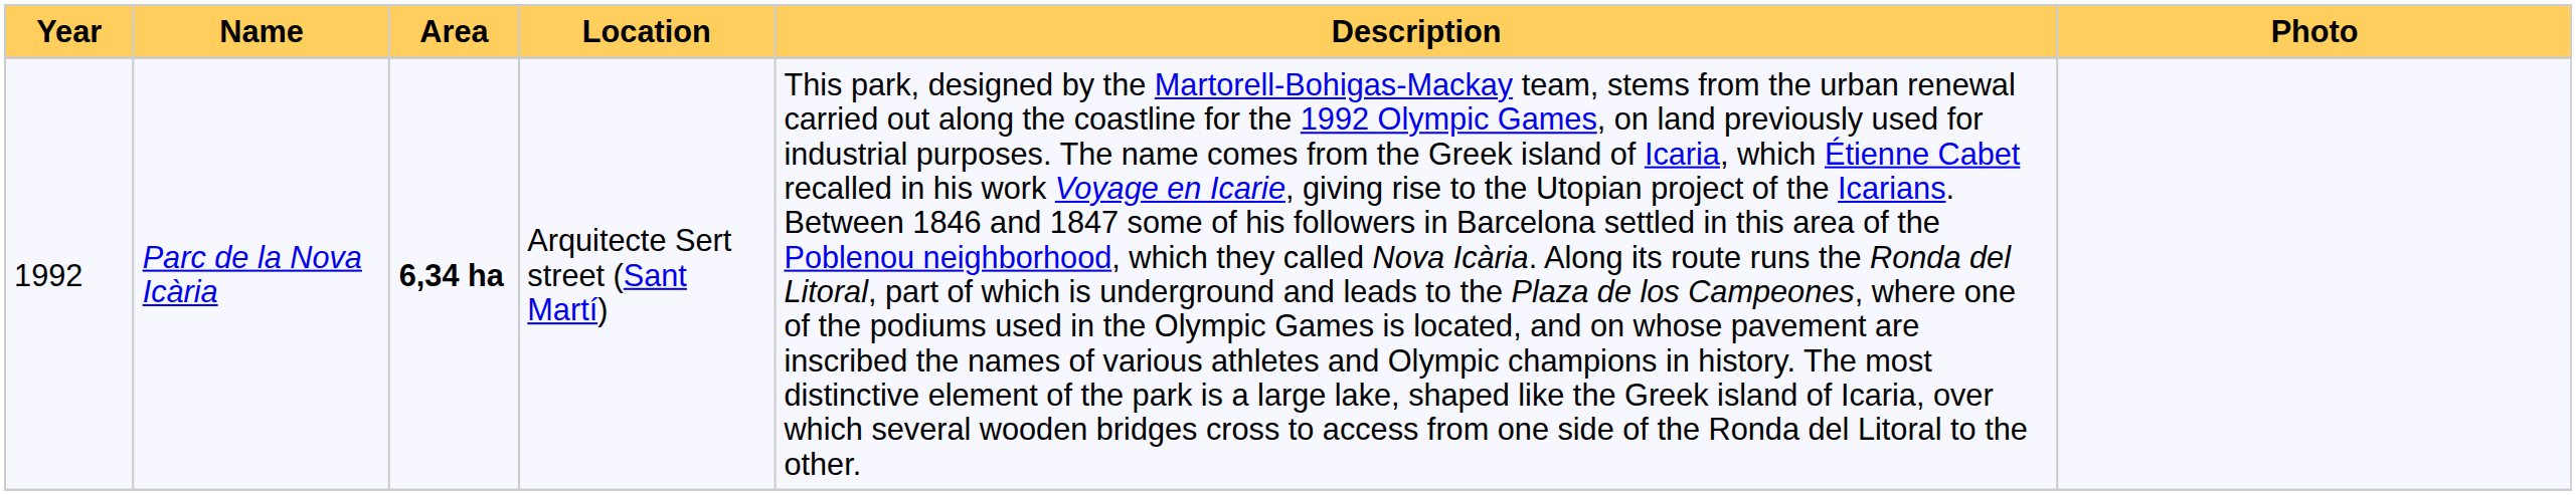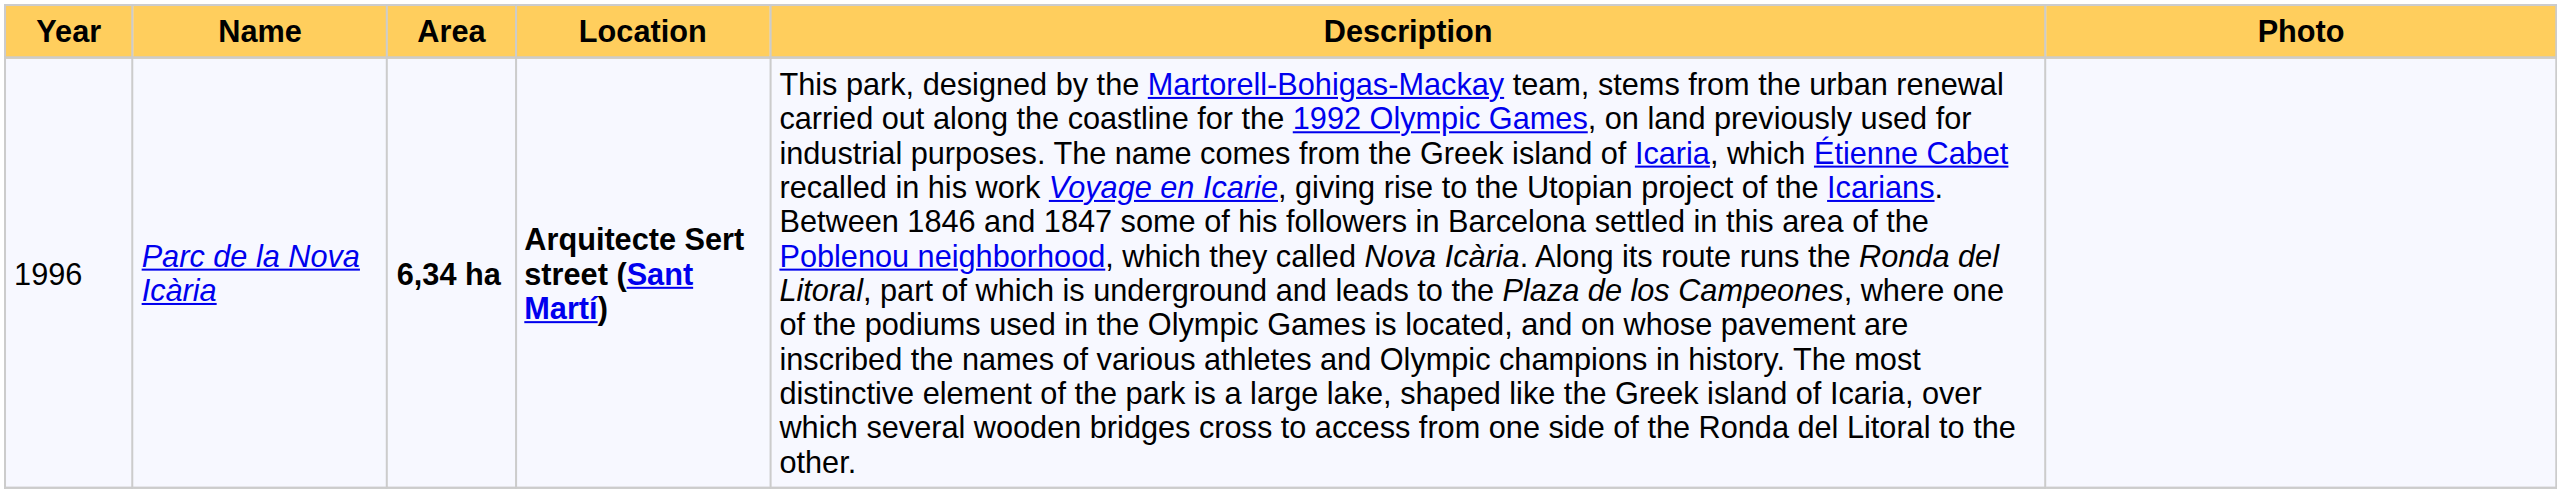 <table bgcolor="#f7f8ff" cellpadding="4" cellspacing="0" border="1" style="font-size: 95%; border: #cccccc solid 1px; border-collapse: collapse;">
 <tr>
 <th width="5%" style="background:#ffce5d;">Year</th>
 <th width="10%" style="background:#ffce5d;">Name</th>
 <th width="5%" style="background:#ffce5d;">Area</th>
 <th width="10%" style="background:#ffce5d;">Location</th>
 <th width="50%" style="background:#ffce5d;">Description</th>
 <th width="20%" style="background:#ffce5d;">Photo</th>
 </tr>
 <tr ---->
 </tr>
 <tr>
-<td>1992</td>
+<td>1996</td>
 <td><em><a href='#'>Parc de la Nova Icària</a></em></td>
 <td><strong>6,34 ha</strong></td>
-<td>Arquitecte Sert street (<a href='#'>Sant Martí</a>)</td>
+<td><strong>Arquitecte Sert street (<a href='#'>Sant Martí</a>)</strong></td>
 <td>This park, designed by the <a href='#'>Martorell-Bohigas-Mackay</a> team, stems from the urban renewal carried out along the coastline for the <a href='#'>1992 Olympic Games</a>, on land previously used for industrial purposes. The name comes from the Greek island of <a href='#'>Icaria</a>, which <a href='#'>Étienne Cabet</a> recalled in his work <em><a href='#'>Voyage en Icarie</a></em>, giving rise to the Utopian project of the <a href='#'>Icarians</a>. Between 1846 and 1847 some of his followers in Barcelona settled in this area of the <a href='#'>Poblenou neighborhood</a>, which they called <em>Nova Icària</em>. Along its route runs the <em>Ronda del Litoral</em>, part of which is underground and leads to the <em>Plaza de los Campeones</em>, where one of the podiums used in the Olympic Games is located, and on whose pavement are inscribed the names of various athletes and Olympic champions in history. The most distinctive element of the park is a large lake, shaped like the Greek island of Icaria, over which several wooden bridges cross to access from one side of the Ronda del Litoral to the other.</td>
 <td></td>
 </tr>
 <tr>
 </tr>
 </table>
